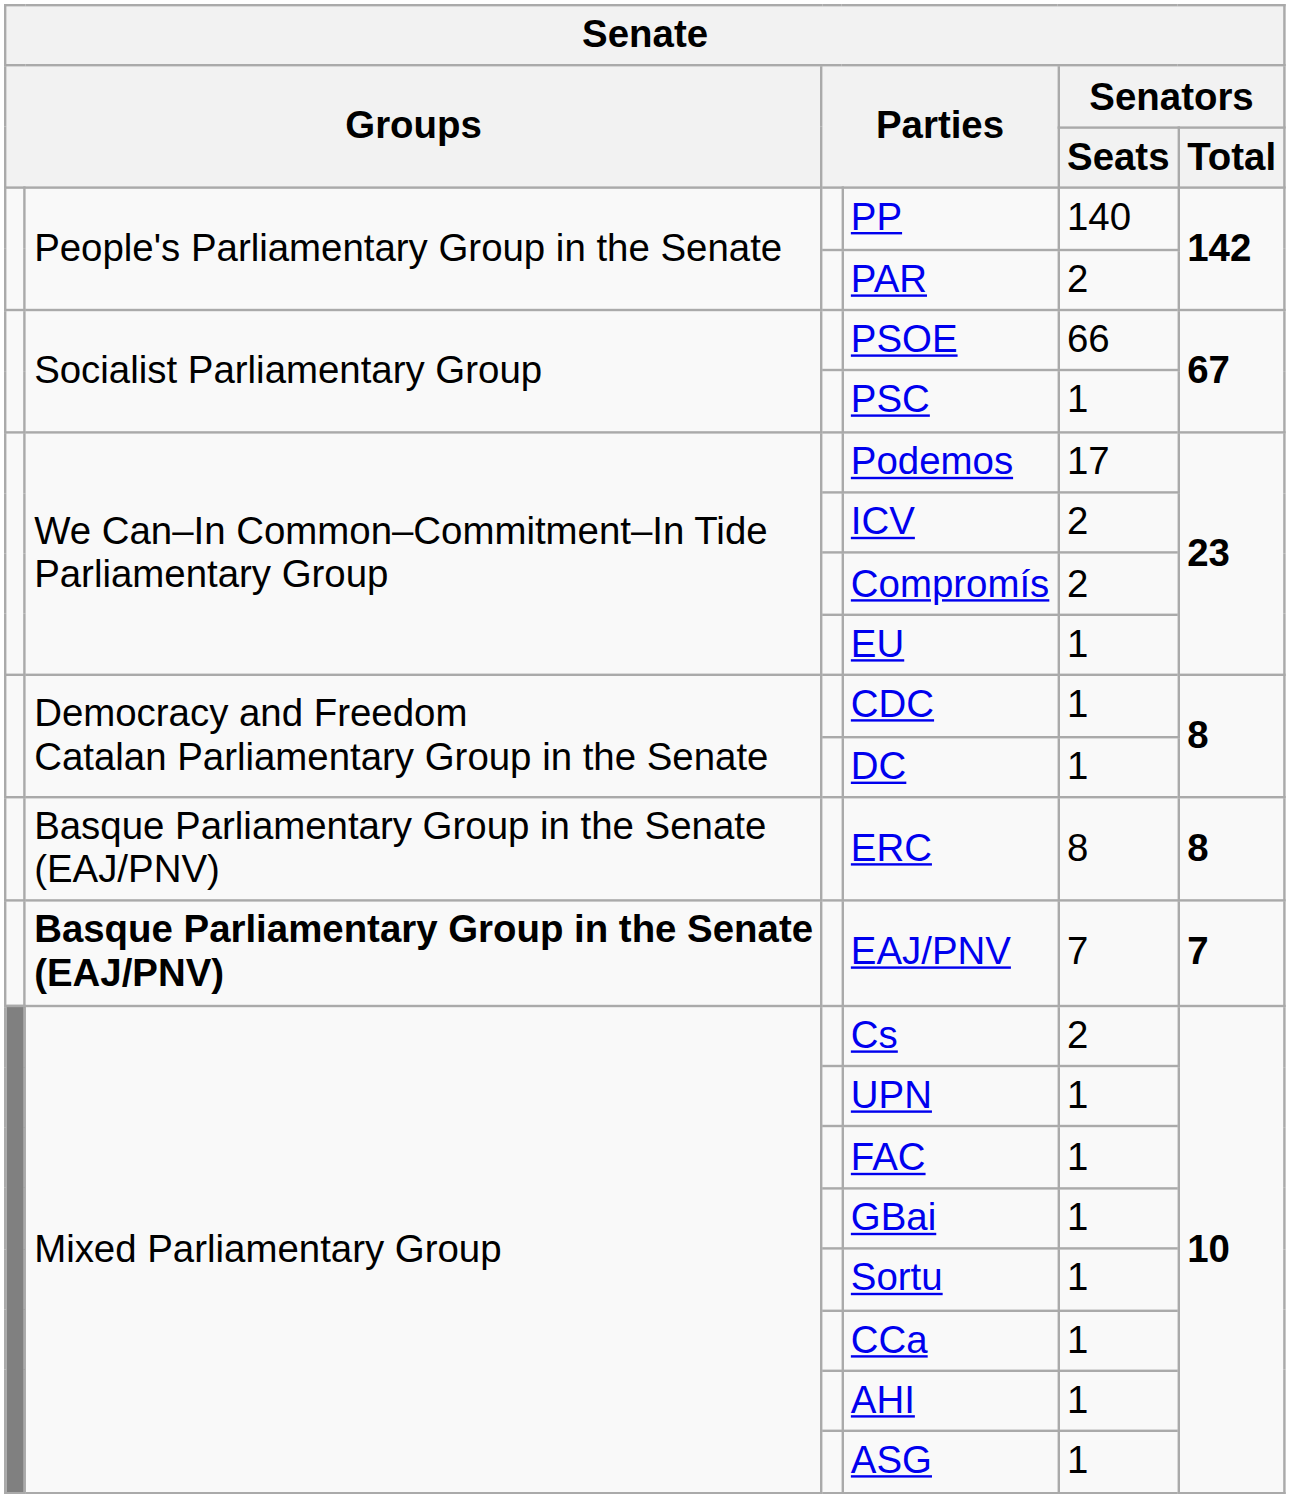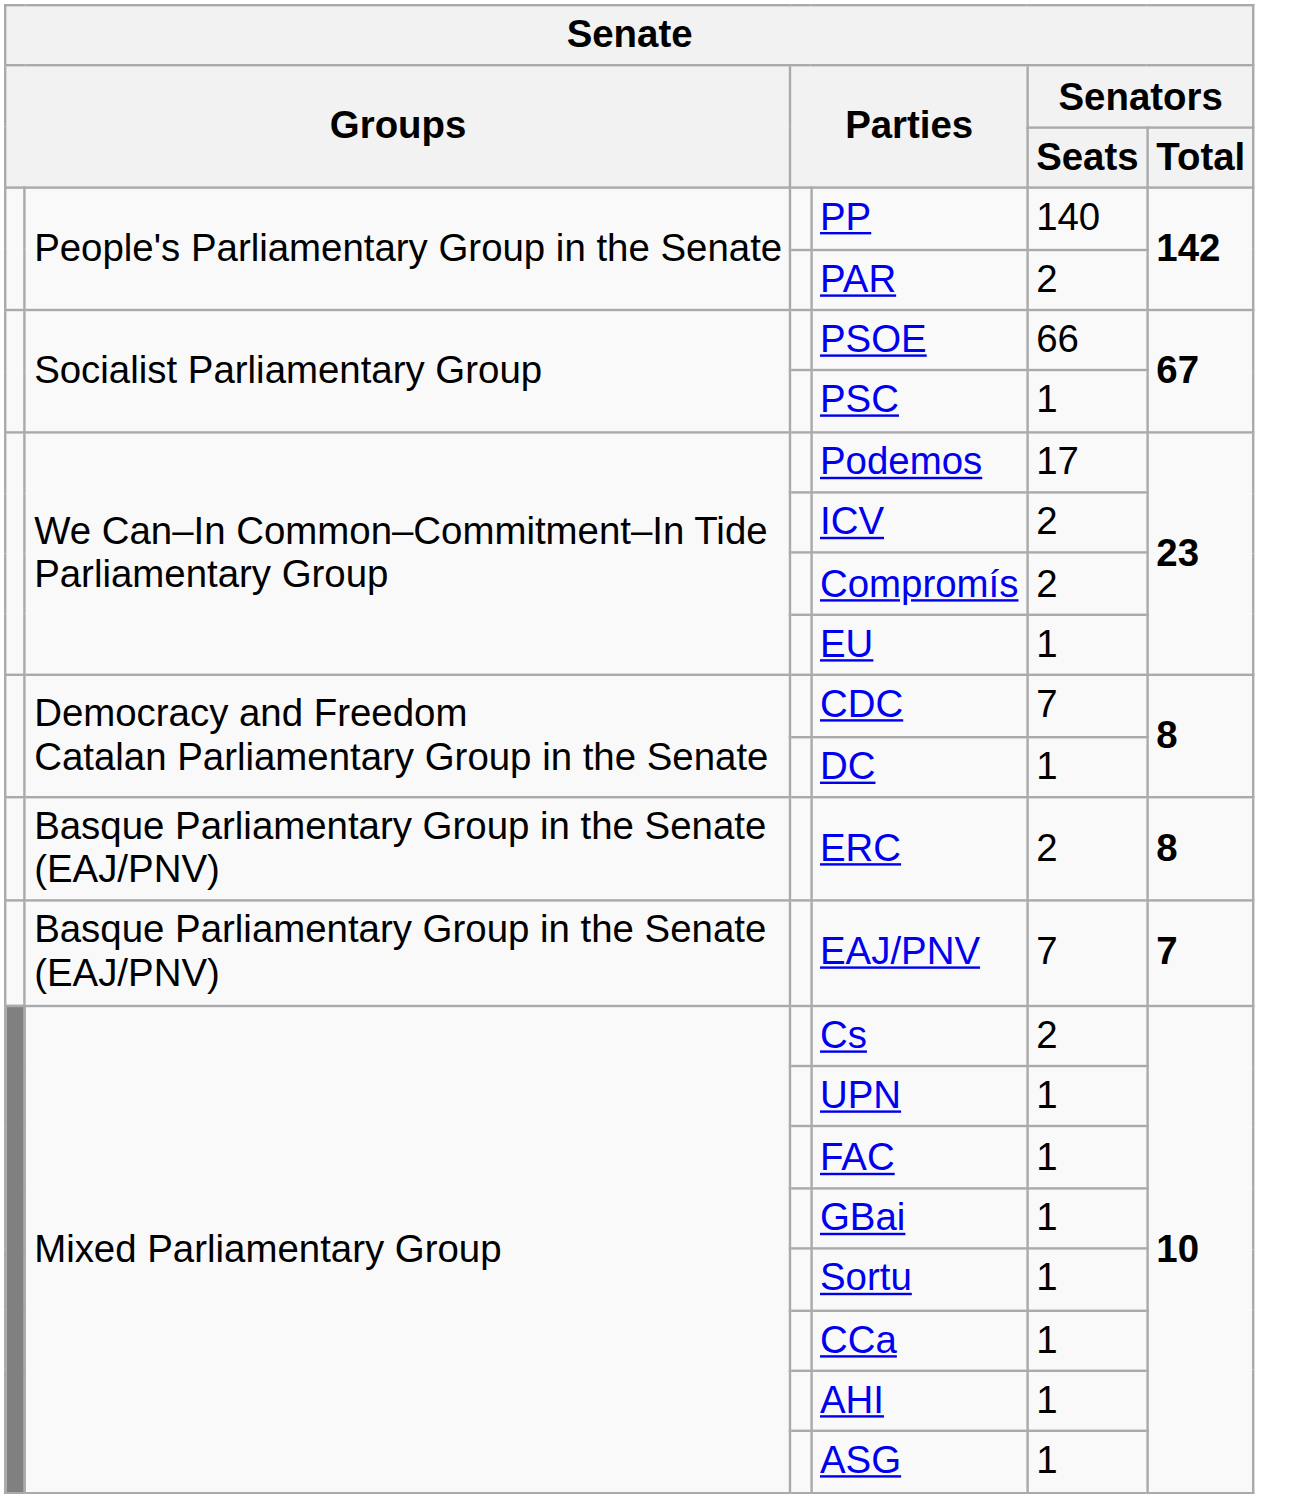 <table class="wikitable" style="text-align:left;">
 <tr>
 <th colspan="6">Senate</th>
 </tr>
 <tr>
 <th rowspan="2" colspan="2">Groups</th>
 <th rowspan="2" colspan="2">Parties</th>
 <th colspan="2">Senators</th>
 </tr>
 <tr>
 <th>Seats</th>
 <th>Total</th>
 </tr>
 <tr>
 <td width="1" rowspan="2"></td>
 <td rowspan="2">People's Parliamentary Group in the Senate</td>
 <td width="1" style="color:inherit;background:"></td>
 <td><a href='#'>PP</a></td>
 <td>140</td>
 <td rowspan="2"><strong>142</strong></td>
 </tr>
 <tr>
 <td style="color:inherit;background:"></td>
 <td><a href='#'>PAR</a></td>
 <td>2</td>
 </tr>
 <tr>
 <td rowspan="2" style="color:inherit;background:"></td>
 <td rowspan="2">Socialist Parliamentary Group</td>
 <td style="color:inherit;background:"></td>
 <td><a href='#'>PSOE</a></td>
 <td>66</td>
 <td rowspan="2"><strong>67</strong></td>
 </tr>
 <tr>
 <td style="color:inherit;background:"></td>
 <td><a href='#'>PSC</a></td>
 <td>1</td>
 </tr>
 <tr>
 <td rowspan="4" style="color:inherit;background:"></td>
 <td rowspan="4">We Can–In Common–Commitment–In Tide<br>Parliamentary Group</td>
 <td style="color:inherit;background:"></td>
 <td><a href='#'>Podemos</a></td>
 <td>17</td>
 <td rowspan="4"><strong>23</strong></td>
 </tr>
 <tr>
 <td style="color:inherit;background:"></td>
 <td><a href='#'>ICV</a></td>
 <td>2</td>
 </tr>
 <tr>
 <td style="color:inherit;background:"></td>
 <td><a href='#'>Compromís</a></td>
 <td>2</td>
 </tr>
 <tr>
 <td style="color:inherit;background:"></td>
 <td><a href='#'>EU</a></td>
 <td>1</td>
 </tr>
 <tr>
 <td rowspan="2" style="color:inherit;background:"></td>
 <td rowspan="2">Democracy and Freedom<br>Catalan Parliamentary Group in the Senate</td>
 <td style="color:inherit;background:"></td>
 <td><a href='#'>CDC</a></td>
-<td>1</td>
+<td>7</td>
 <td rowspan="2"><strong>8</strong></td>
 </tr>
 <tr>
 <td style="color:inherit;background:"></td>
 <td><a href='#'>DC</a></td>
 <td>1</td>
 </tr>
 <tr>
 <td style="color:inherit;background:"></td>
 <td>Basque Parliamentary Group in the Senate<br>(EAJ/PNV)</td>
 <td style="color:inherit;background:"></td>
 <td><a href='#'>ERC</a></td>
-<td>8</td>
+<td>2</td>
 <td><strong>8</strong></td>
 </tr>
 <tr>
 <td style="color:inherit;background:"></td>
-<td><strong>Basque Parliamentary Group in the Senate<br>(EAJ/PNV)</strong></td>
+<td>Basque Parliamentary Group in the Senate<br>(EAJ/PNV)</td>
 <td style="color:inherit;background:"></td>
 <td><a href='#'>EAJ/PNV</a></td>
 <td>7</td>
 <td><strong>7</strong></td>
 </tr>
 <tr>
 <td rowspan="8" bgcolor="gray"></td>
 <td rowspan="8">Mixed Parliamentary Group</td>
 <td style="color:inherit;background:"></td>
 <td><a href='#'>Cs</a></td>
 <td>2</td>
 <td rowspan="8"><strong>10</strong></td>
 </tr>
 <tr>
 <td style="color:inherit;background:"></td>
 <td><a href='#'>UPN</a></td>
 <td>1</td>
 </tr>
 <tr>
 <td style="color:inherit;background:"></td>
 <td><a href='#'>FAC</a></td>
 <td>1</td>
 </tr>
 <tr>
 <td style="color:inherit;background:"></td>
 <td><a href='#'>GBai</a></td>
 <td>1</td>
 </tr>
 <tr>
 <td style="color:inherit;background:"></td>
 <td><a href='#'>Sortu</a></td>
 <td>1</td>
 </tr>
 <tr>
 <td style="color:inherit;background:"></td>
 <td><a href='#'>CCa</a></td>
 <td>1</td>
 </tr>
 <tr>
 <td style="color:inherit;background:"></td>
 <td><a href='#'>AHI</a></td>
 <td>1</td>
 </tr>
 <tr>
 <td style="color:inherit;background:"></td>
 <td><a href='#'>ASG</a></td>
 <td>1</td>
 </tr>
 </table>
